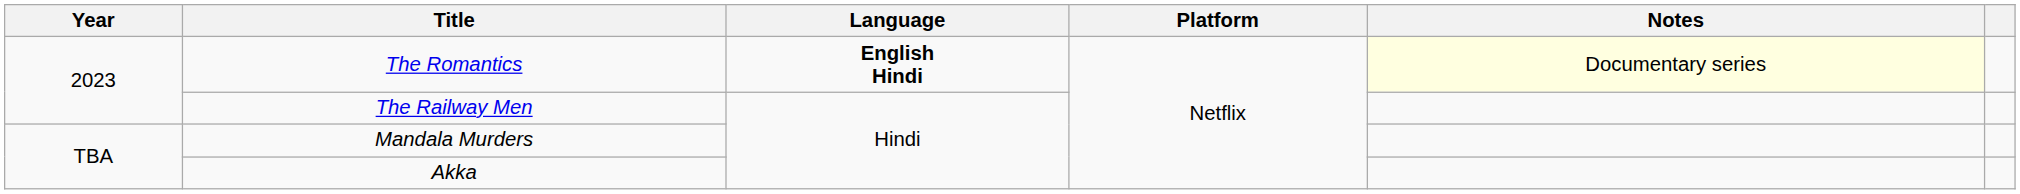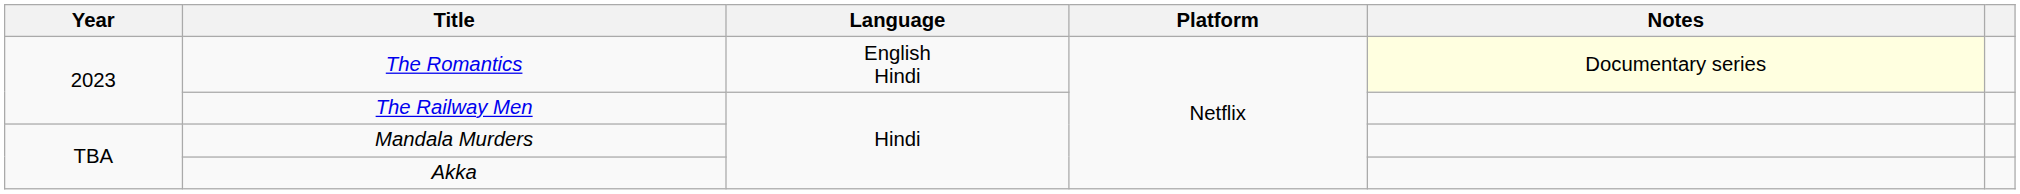 <table class="wikitable plainrowheaders sortable" style="width: 100%; text-align: center;">
 <tr>
 <th scope="col">Year</th>
 <th scope="col">Title</th>
 <th scope="col">Language</th>
 <th scope="col">Platform</th>
 <th scope = "col">Notes</th>
 <th scope="col" class="unsortable"></th>
 </tr>
 <tr>
 <td rowspan="2">2023</td>
 <td><em><a href='#'>The Romantics</a></em></td>
-<td><strong>English<br>Hindi</strong></td>
+<td>English<br>Hindi</td>
 <td rowspan="4">Netflix</td>
 <td style="background: lightyellow;">Documentary series</td>
 <td></td>
 </tr>
 <tr>
 <td><em><a href='#'>The Railway Men</a></em></td>
 <td rowspan="3">Hindi</td>
 <td></td>
 <td></td>
 </tr>
 <tr>
 <td rowspan="2">TBA</td>
 <td><em>Mandala Murders</em></td>
 <td></td>
 <td></td>
 </tr>
 <tr>
 <td><em>Akka</em></td>
 <td></td>
 <td></td>
 </tr>
 </table>
